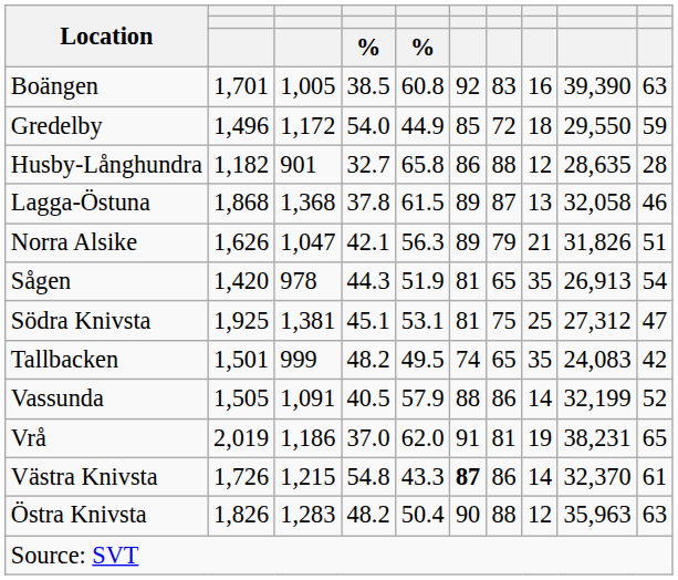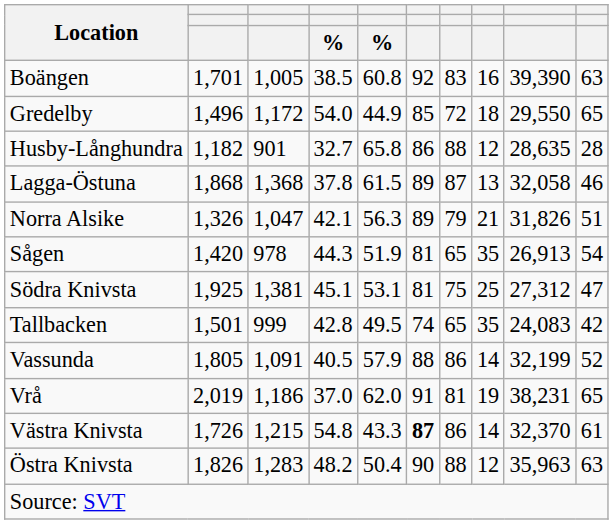 <table role="presentation" class="wikitable sortable mw-collapsible">
 <tr>
 <th rowspan="3">Location</th>
 <th></th>
 <th></th>
 <th></th>
 <th></th>
 <th></th>
 <th></th>
 <th></th>
 <th></th>
 <th></th>
 </tr>
 <tr>
 <th></th>
 <th></th>
 <th style="background:"></th>
 <th style="background:"></th>
 <th></th>
 <th></th>
 <th></th>
 <th></th>
 <th></th>
 </tr>
 <tr>
 <th data-sort-type="number"></th>
 <th data-sort-type="number"></th>
 <th data-sort-type="number">%</th>
 <th data-sort-type="number">%</th>
 <th data-sort-type="number"></th>
 <th data-sort-type="number"></th>
 <th data-sort-type="number"></th>
 <th data-sort-type="number"></th>
 <th data-sort-type="number"></th>
 </tr>
 <tr>
 <td align="left">Boängen</td>
 <td>1,701</td>
 <td>1,005</td>
 <td>38.5</td>
 <td>60.8</td>
 <td>92</td>
 <td>83</td>
 <td>16</td>
 <td>39,390</td>
 <td>63</td>
 </tr>
 <tr>
 <td align="left">Gredelby</td>
 <td>1,496</td>
 <td>1,172</td>
 <td>54.0</td>
 <td>44.9</td>
 <td>85</td>
 <td>72</td>
 <td>18</td>
 <td>29,550</td>
-<td>59</td>
+<td>65</td>
 </tr>
 <tr>
 <td align="left">Husby-Långhundra</td>
 <td>1,182</td>
 <td>901</td>
 <td>32.7</td>
 <td>65.8</td>
 <td>86</td>
 <td>88</td>
 <td>12</td>
 <td>28,635</td>
 <td>28</td>
 </tr>
 <tr>
 <td align="left">Lagga-Östuna</td>
 <td>1,868</td>
 <td>1,368</td>
 <td>37.8</td>
 <td>61.5</td>
 <td>89</td>
 <td>87</td>
 <td>13</td>
 <td>32,058</td>
 <td>46</td>
 </tr>
 <tr>
 <td align="left">Norra Alsike</td>
-<td>1,626</td>
+<td>1,326</td>
 <td>1,047</td>
 <td>42.1</td>
 <td>56.3</td>
 <td>89</td>
 <td>79</td>
 <td>21</td>
 <td>31,826</td>
 <td>51</td>
 </tr>
 <tr>
 <td align="left">Sågen</td>
 <td>1,420</td>
 <td>978</td>
 <td>44.3</td>
 <td>51.9</td>
 <td>81</td>
 <td>65</td>
 <td>35</td>
 <td>26,913</td>
 <td>54</td>
 </tr>
 <tr>
 <td align="left">Södra Knivsta</td>
 <td>1,925</td>
 <td>1,381</td>
 <td>45.1</td>
 <td>53.1</td>
 <td>81</td>
 <td>75</td>
 <td>25</td>
 <td>27,312</td>
 <td>47</td>
 </tr>
 <tr>
 <td align="left">Tallbacken</td>
 <td>1,501</td>
 <td>999</td>
-<td>48.2</td>
+<td>42.8</td>
 <td>49.5</td>
 <td>74</td>
 <td>65</td>
 <td>35</td>
 <td>24,083</td>
 <td>42</td>
 </tr>
 <tr>
 <td align="left">Vassunda</td>
-<td>1,505</td>
+<td>1,805</td>
 <td>1,091</td>
 <td>40.5</td>
 <td>57.9</td>
 <td>88</td>
 <td>86</td>
 <td>14</td>
 <td>32,199</td>
 <td>52</td>
 </tr>
 <tr>
 <td align="left">Vrå</td>
 <td>2,019</td>
 <td>1,186</td>
 <td>37.0</td>
 <td>62.0</td>
 <td>91</td>
 <td>81</td>
 <td>19</td>
 <td>38,231</td>
 <td>65</td>
 </tr>
 <tr>
 <td align="left">Västra Knivsta</td>
 <td>1,726</td>
 <td>1,215</td>
 <td>54.8</td>
 <td>43.3</td>
 <td><strong>87</strong></td>
 <td>86</td>
 <td>14</td>
 <td>32,370</td>
 <td>61</td>
 </tr>
 <tr>
 <td align="left">Östra Knivsta</td>
 <td>1,826</td>
 <td>1,283</td>
 <td>48.2</td>
 <td>50.4</td>
 <td>90</td>
 <td>88</td>
 <td>12</td>
 <td>35,963</td>
 <td>63</td>
 </tr>
 <tr>
 <td colspan="10" align="left">Source: <a href='#'>SVT</a></td>
 </tr>
 </table>
